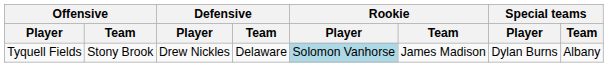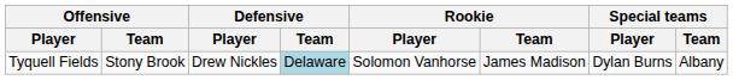 <table class="wikitable" border="1">
 <tr>
 <th colspan="2">Offensive</th>
 <th colspan="2">Defensive</th>
 <th colspan="2">Rookie</th>
 <th colspan="2">Special teams</th>
 </tr>
 <tr>
 <th>Player</th>
 <th>Team</th>
 <th>Player</th>
 <th>Team</th>
 <th>Player</th>
 <th>Team</th>
 <th>Player</th>
 <th>Team</th>
 </tr>
 <tr>
 <td>Tyquell Fields</td>
 <td>Stony Brook</td>
 <td>Drew Nickles</td>
-<td>Delaware</td>
-<td style="background: lightblue;">Solomon Vanhorse</td>
+<td style="background: lightblue;">Delaware</td>
+<td>Solomon Vanhorse</td>
 <td>James Madison</td>
 <td>Dylan Burns</td>
 <td>Albany</td>
 </tr>
 </table>
